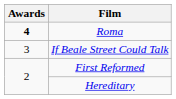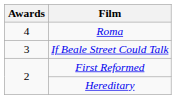 <table class="wikitable plainrowheaders" style="text-align:center;">
 <tr>
 <th scope="col" style="width:55px;">Awards</th>
 <th scope="col" style="text-align:center;">Film</th>
 </tr>
 <tr>
-<td scope=row style="text-align:center"><strong>4</strong></td>
+<td scope=row style="text-align:center">4</td>
 <td><em><a href='#'>Roma</a></em></td>
 </tr>
 <tr>
 <td scope=row style="text-align:center">3</td>
 <td><em><a href='#'>If Beale Street Could Talk</a></em></td>
 </tr>
 <tr>
 <td scope=row style="text-align:center" rowspan="2">2</td>
 <td><em><a href='#'>First Reformed</a></em></td>
 </tr>
 <tr>
 <td><em><a href='#'>Hereditary</a></em></td>
 </tr>
 </table>
